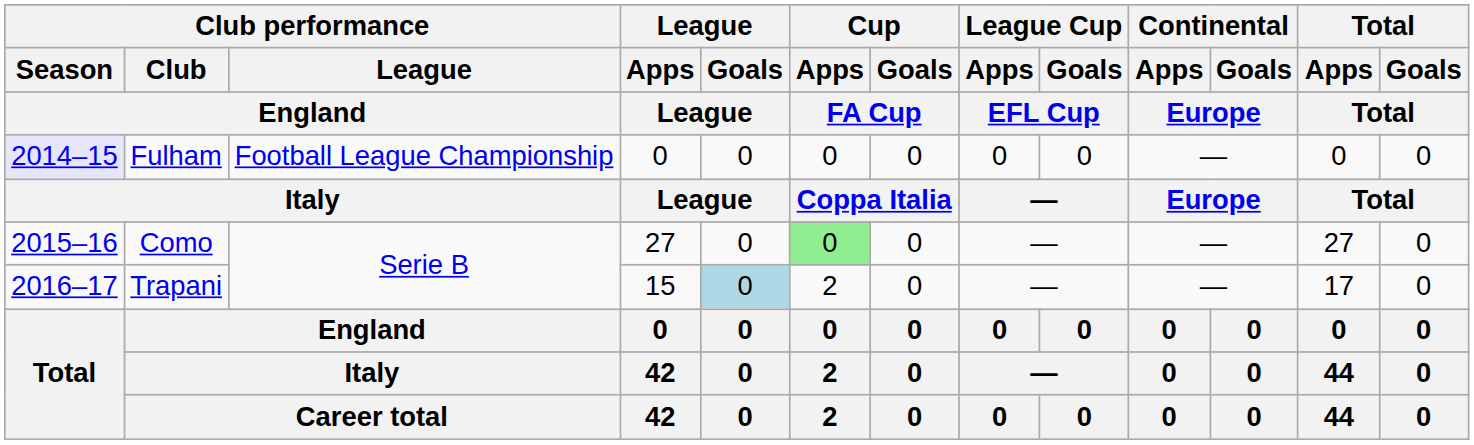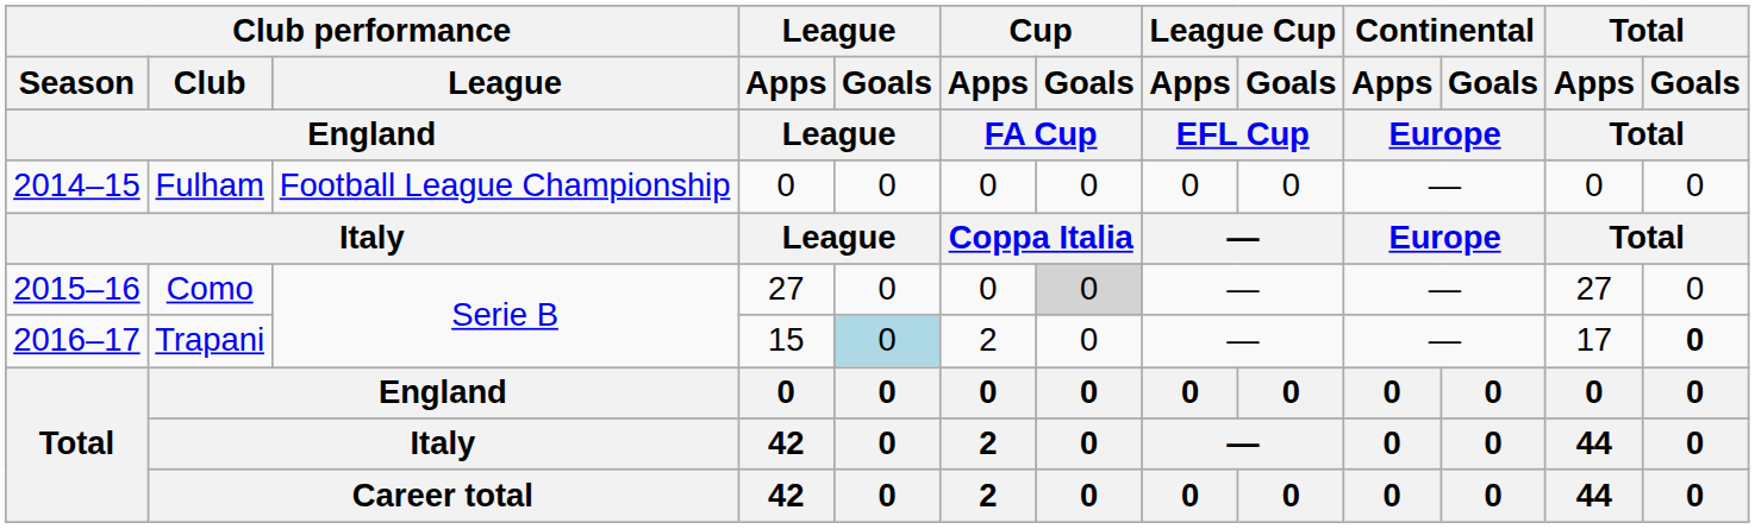 <table class="wikitable" style="text-align:center">
 <tr>
 <th colspan=3>Club performance</th>
 <th colspan=2>League</th>
 <th colspan=2>Cup</th>
 <th colspan=2>League Cup</th>
 <th colspan=2>Continental</th>
 <th colspan=2>Total</th>
 </tr>
 <tr>
 <th>Season</th>
 <th>Club</th>
 <th>League</th>
 <th>Apps</th>
 <th>Goals</th>
 <th>Apps</th>
 <th>Goals</th>
 <th>Apps</th>
 <th>Goals</th>
 <th>Apps</th>
 <th>Goals</th>
 <th>Apps</th>
 <th>Goals</th>
 </tr>
 <tr>
 <th colspan=3>England</th>
 <th colspan=2>League</th>
 <th colspan=2><a href='#'>FA Cup</a></th>
 <th colspan=2><a href='#'>EFL Cup</a></th>
 <th colspan=2><a href='#'>Europe</a></th>
 <th colspan=2>Total</th>
 </tr>
 <tr>
-<td style="background: lavender;"><a href='#'>2014–15</a></td>
+<td><a href='#'>2014–15</a></td>
 <td><a href='#'>Fulham</a></td>
 <td><a href='#'>Football League Championship</a></td>
 <td>0</td>
 <td>0</td>
 <td>0</td>
 <td>0</td>
 <td>0</td>
 <td>0</td>
 <td colspan=2>—</td>
 <td>0</td>
 <td>0</td>
 </tr>
 <tr>
 <th colspan=3>Italy</th>
 <th colspan=2>League</th>
 <th colspan=2><a href='#'>Coppa Italia</a></th>
 <th colspan=2>—</th>
 <th colspan=2><a href='#'>Europe</a></th>
 <th colspan=2>Total</th>
 </tr>
 <tr>
 <td><a href='#'>2015–16</a></td>
 <td><a href='#'>Como</a></td>
 <td rowspan=2><a href='#'>Serie B</a></td>
 <td>27</td>
 <td>0</td>
-<td style="background: lightgreen;">0</td>
 <td>0</td>
+<td style="background: lightgrey;">0</td>
 <td colspan=2>—</td>
 <td colspan=2>—</td>
 <td>27</td>
 <td>0</td>
 </tr>
 <tr>
 <td><a href='#'>2016–17</a></td>
 <td><a href='#'>Trapani</a></td>
 <td>15</td>
 <td style="background: lightblue;">0</td>
 <td>2</td>
 <td>0</td>
 <td colspan=2>—</td>
 <td colspan=2>—</td>
 <td>17</td>
-<td>0</td>
+<td><strong>0</strong></td>
 </tr>
 <tr>
 <th rowspan=3>Total</th>
 <th colspan=2>England</th>
 <th>0</th>
 <th>0</th>
 <th>0</th>
 <th>0</th>
 <th>0</th>
 <th>0</th>
 <th>0</th>
 <th>0</th>
 <th>0</th>
 <th>0</th>
 </tr>
 <tr>
 <th colspan=2>Italy</th>
 <th>42</th>
 <th>0</th>
 <th>2</th>
 <th>0</th>
 <th colspan=2>—</th>
 <th>0</th>
 <th>0</th>
 <th>44</th>
 <th>0</th>
 </tr>
 <tr>
 <th colspan=2>Career total</th>
 <th>42</th>
 <th>0</th>
 <th>2</th>
 <th>0</th>
 <th>0</th>
 <th>0</th>
 <th>0</th>
 <th>0</th>
 <th>44</th>
 <th>0</th>
 </tr>
 </table>
